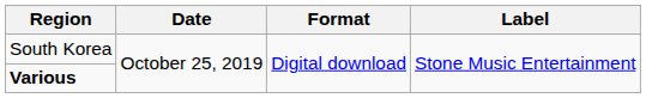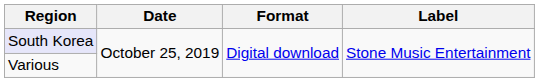 <table class="wikitable">
 <tr>
 <th>Region</th>
 <th>Date</th>
 <th>Format</th>
 <th>Label</th>
 </tr>
 <tr>
-<td>South Korea</td>
+<td style="background: lavender;">South Korea</td>
 <td rowspan="2">October 25, 2019</td>
 <td rowspan="2"><a href='#'>Digital download</a></td>
 <td rowspan="2"><a href='#'>Stone Music Entertainment</a></td>
 </tr>
 <tr>
-<td><strong>Various</strong></td>
+<td>Various</td>
 </tr>
 </table>
